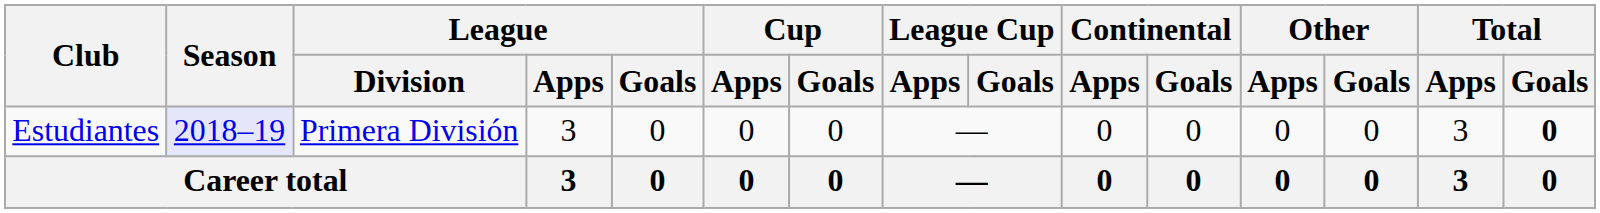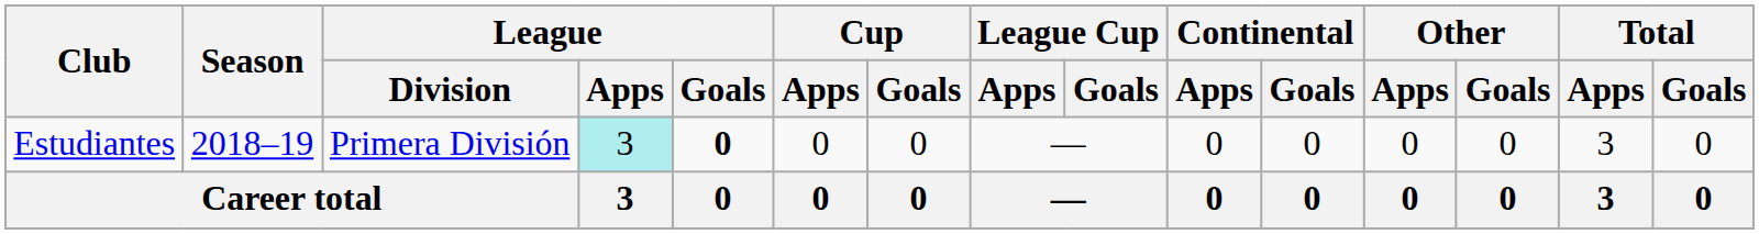 <table class="wikitable" style="text-align:center">
 <tr>
 <th rowspan="2">Club</th>
 <th rowspan="2">Season</th>
 <th colspan="3">League</th>
 <th colspan="2">Cup</th>
 <th colspan="2">League Cup</th>
 <th colspan="2">Continental</th>
 <th colspan="2">Other</th>
 <th colspan="2">Total</th>
 </tr>
 <tr>
 <th>Division</th>
 <th>Apps</th>
 <th>Goals</th>
 <th>Apps</th>
 <th>Goals</th>
 <th>Apps</th>
 <th>Goals</th>
 <th>Apps</th>
 <th>Goals</th>
 <th>Apps</th>
 <th>Goals</th>
 <th>Apps</th>
 <th>Goals</th>
 </tr>
 <tr>
 <td rowspan="1"><a href='#'>Estudiantes</a></td>
-<td style="background: lavender;"><a href='#'>2018–19</a></td>
+<td><a href='#'>2018–19</a></td>
 <td rowspan="1"><a href='#'>Primera División</a></td>
-<td>3</td>
-<td>0</td>
+<td style="background: paleturquoise;">3</td>
+<td><strong>0</strong></td>
 <td>0</td>
 <td>0</td>
 <td colspan="2">—</td>
 <td>0</td>
 <td>0</td>
 <td>0</td>
 <td>0</td>
 <td>3</td>
-<td><strong>0</strong></td>
+<td>0</td>
 </tr>
 <tr>
 <th colspan="3">Career total</th>
 <th>3</th>
 <th>0</th>
 <th>0</th>
 <th>0</th>
 <th colspan="2">—</th>
 <th>0</th>
 <th>0</th>
 <th>0</th>
 <th>0</th>
 <th>3</th>
 <th>0</th>
 </tr>
 </table>
